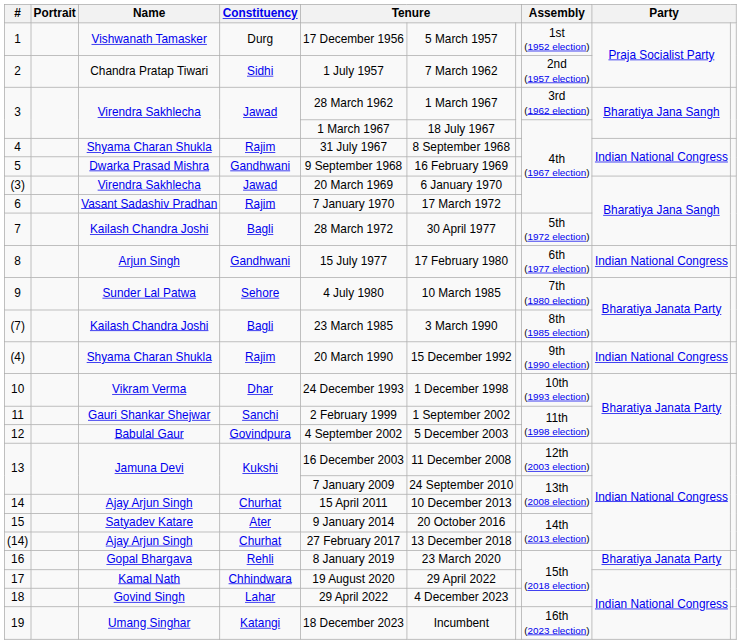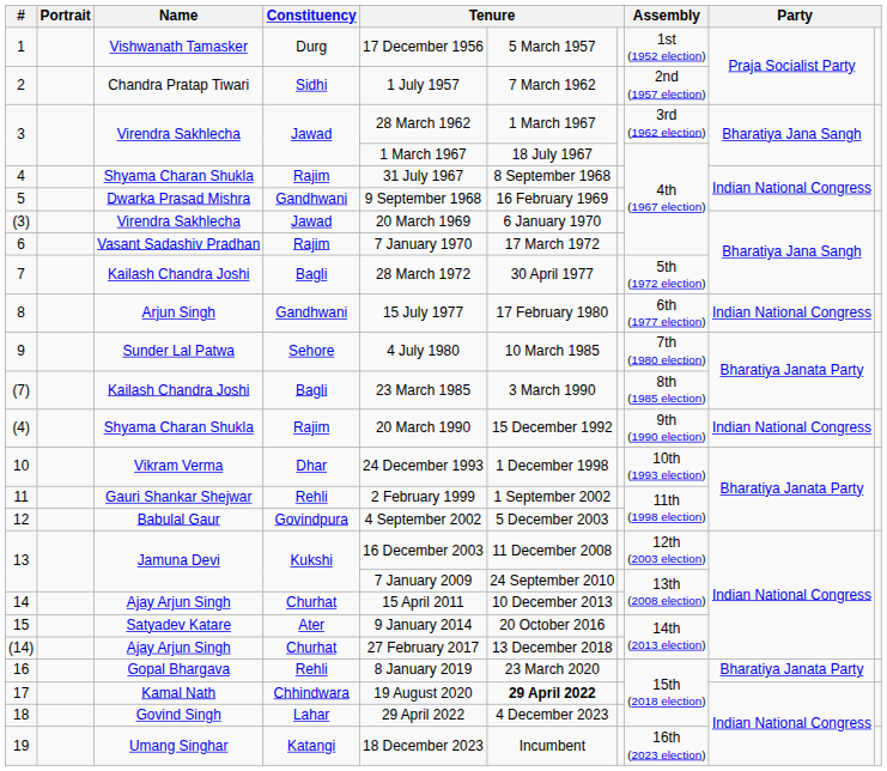 <table class="wikitable">
 <tr>
 <th>#</th>
 <th>Portrait</th>
 <th>Name</th>
 <th><a href='#'>Constituency</a></th>
 <th colspan="3">Tenure</th>
 <th>Assembly</th>
 <th colspan="2" scope="col">Party</th>
 </tr>
 <tr style="text-align:center;">
 <td>1</td>
 <td></td>
 <td><a href='#'>Vishwanath Tamasker</a></td>
 <td>Durg</td>
 <td>17 December 1956</td>
 <td>5 March 1957</td>
 <td></td>
 <td>1st<br><small>(<a href='#'>1952 election</a>)</small></td>
 <td rowspan="2"><a href='#'>Praja Socialist Party</a></td>
 <td rowspan="2" style="background-color: "></td>
 </tr>
 <tr style="text-align:center;">
 <td>2</td>
 <td></td>
 <td>Chandra Pratap Tiwari</td>
 <td><a href='#'>Sidhi</a></td>
 <td>1 July 1957</td>
 <td>7 March 1962</td>
 <td></td>
 <td>2nd<br><small>(<a href='#'>1957 election</a>)</small></td>
 </tr>
 <tr style="text-align:center;">
 <td rowspan="2">3</td>
 <td rowspan="2"></td>
 <td rowspan="2"><a href='#'>Virendra Sakhlecha</a></td>
 <td rowspan="2"><a href='#'>Jawad</a></td>
 <td>28 March 1962</td>
 <td>1 March 1967</td>
 <td rowspan="2"></td>
 <td>3rd<br><small>(<a href='#'>1962 election</a>)</small></td>
 <td rowspan="2"><a href='#'>Bharatiya Jana Sangh</a></td>
 <td rowspan="2" style="background-color: "></td>
 </tr>
 <tr style="text-align:center;">
 <td>1 March 1967</td>
 <td>18 July 1967</td>
 <td rowspan="5">4th<br><small>(<a href='#'>1967 election</a>)</small></td>
 </tr>
 <tr style="text-align:center;">
 <td>4</td>
 <td></td>
 <td><a href='#'>Shyama Charan Shukla</a></td>
 <td><a href='#'>Rajim</a></td>
 <td>31 July 1967</td>
 <td>8 September 1968</td>
 <td></td>
 <td rowspan="2"><a href='#'>Indian National Congress</a></td>
 <td rowspan="2" style="background-color: "></td>
 </tr>
 <tr style="text-align:center;">
 <td>5</td>
 <td></td>
 <td><a href='#'>Dwarka Prasad Mishra</a></td>
 <td><a href='#'>Gandhwani</a></td>
 <td>9 September 1968</td>
 <td>16 February 1969</td>
 <td></td>
 </tr>
 <tr style="text-align:center;">
 <td>(3)</td>
 <td></td>
 <td><a href='#'>Virendra Sakhlecha</a></td>
 <td><a href='#'>Jawad</a></td>
 <td>20 March 1969</td>
 <td>6 January 1970</td>
 <td></td>
 <td rowspan="3"><a href='#'>Bharatiya Jana Sangh</a></td>
 <td rowspan="3" style="background-color: "></td>
 </tr>
 <tr style="text-align:center;">
 <td>6</td>
 <td></td>
 <td><a href='#'>Vasant Sadashiv Pradhan</a></td>
 <td><a href='#'>Rajim</a></td>
 <td>7 January 1970</td>
 <td>17 March 1972</td>
 <td></td>
 </tr>
 <tr style="text-align:center;">
 <td>7</td>
 <td></td>
 <td><a href='#'>Kailash Chandra Joshi</a></td>
 <td><a href='#'>Bagli</a></td>
 <td>28 March 1972</td>
 <td>30 April 1977</td>
 <td></td>
 <td>5th<br><small>(<a href='#'>1972 election</a>)</small></td>
 </tr>
 <tr style="text-align:center;">
 <td>8</td>
 <td></td>
 <td><a href='#'>Arjun Singh</a></td>
 <td><a href='#'>Gandhwani</a></td>
 <td>15 July 1977</td>
 <td>17 February 1980</td>
 <td></td>
 <td>6th<br><small>(<a href='#'>1977 election</a>)</small></td>
 <td><a href='#'>Indian National Congress</a></td>
 <td style="background-color: "></td>
 </tr>
 <tr style="text-align:center;">
 <td>9</td>
 <td></td>
 <td><a href='#'>Sunder Lal Patwa</a></td>
 <td><a href='#'>Sehore</a></td>
 <td>4 July 1980</td>
 <td>10 March 1985</td>
 <td></td>
 <td>7th<br><small>(<a href='#'>1980 election</a>)</small></td>
 <td rowspan="2"><a href='#'>Bharatiya Janata Party</a></td>
 <td rowspan="2" style="background-color: "></td>
 </tr>
 <tr style="text-align:center;">
 <td>(7)</td>
 <td></td>
 <td><a href='#'>Kailash Chandra Joshi</a></td>
 <td><a href='#'>Bagli</a></td>
 <td>23 March 1985</td>
 <td>3 March 1990</td>
 <td></td>
 <td>8th<br><small>(<a href='#'>1985 election</a>)</small></td>
 </tr>
 <tr style="text-align:center;">
 <td>(4)</td>
 <td></td>
 <td><a href='#'>Shyama Charan Shukla</a></td>
 <td><a href='#'>Rajim</a></td>
 <td>20 March 1990</td>
 <td>15 December 1992</td>
 <td></td>
 <td>9th<br><small>(<a href='#'>1990 election</a>)</small></td>
 <td><a href='#'>Indian National Congress</a></td>
 <td style="background-color: "></td>
 </tr>
 <tr style="text-align:center;">
 <td>10</td>
 <td></td>
 <td><a href='#'>Vikram Verma</a></td>
 <td><a href='#'>Dhar</a></td>
 <td>24 December 1993</td>
 <td>1 December 1998</td>
 <td></td>
 <td>10th<br><small>(<a href='#'>1993 election</a>)</small></td>
 <td rowspan="3"><a href='#'>Bharatiya Janata Party</a></td>
 <td rowspan="3" style="background-color: "></td>
 </tr>
 <tr style="text-align:center;">
 <td>11</td>
 <td></td>
 <td><a href='#'>Gauri Shankar Shejwar</a></td>
-<td><a href='#'>Sanchi</a></td>
+<td><a href='#'>Rehli</a></td>
 <td>2 February 1999</td>
 <td>1 September 2002</td>
 <td></td>
 <td rowspan="2">11th<br><small>(<a href='#'>1998 election</a>)</small></td>
 </tr>
 <tr style="text-align:center;">
 <td>12</td>
 <td></td>
 <td><a href='#'>Babulal Gaur</a></td>
 <td><a href='#'>Govindpura</a></td>
 <td>4 September 2002</td>
 <td>5 December 2003</td>
 <td></td>
 </tr>
 <tr style="text-align:center;">
 <td rowspan="2">13</td>
 <td rowspan="2"></td>
 <td rowspan="2"><a href='#'>Jamuna Devi</a></td>
 <td rowspan="2"><a href='#'>Kukshi</a></td>
 <td>16 December 2003</td>
 <td>11 December 2008</td>
 <td></td>
 <td>12th<br><small>(<a href='#'>2003 election</a>)</small></td>
 <td rowspan="5"><a href='#'>Indian National Congress</a></td>
 <td rowspan="5" style="background-color: "></td>
 </tr>
 <tr style="text-align:center;">
 <td>7 January 2009</td>
 <td>24 September 2010</td>
 <td></td>
 <td rowspan="2">13th<br><small>(<a href='#'>2008 election</a>)</small></td>
 </tr>
 <tr style="text-align:center;">
 <td>14</td>
 <td></td>
 <td><a href='#'>Ajay Arjun Singh</a></td>
 <td><a href='#'>Churhat</a></td>
 <td>15 April 2011</td>
 <td>10 December 2013</td>
 <td></td>
 </tr>
 <tr style="text-align:center;">
 <td>15</td>
 <td></td>
 <td><a href='#'>Satyadev Katare</a></td>
 <td><a href='#'>Ater</a></td>
 <td>9 January 2014</td>
 <td>20 October 2016</td>
 <td></td>
 <td rowspan="2">14th<br><small>(<a href='#'>2013 election</a>)</small></td>
 </tr>
 <tr style="text-align:center;">
 <td>(14)</td>
 <td></td>
 <td><a href='#'>Ajay Arjun Singh</a></td>
 <td><a href='#'>Churhat</a></td>
 <td>27 February 2017</td>
 <td>13 December 2018</td>
 <td></td>
 </tr>
 <tr style="text-align:center;">
 <td>16</td>
 <td></td>
 <td><a href='#'>Gopal Bhargava</a></td>
 <td><a href='#'>Rehli</a></td>
 <td>8 January 2019</td>
 <td>23 March 2020</td>
 <td></td>
 <td rowspan="3">15th<br><small>(<a href='#'>2018 election</a>)</small></td>
 <td><a href='#'>Bharatiya Janata Party</a></td>
 <td style="background-color: "></td>
 </tr>
 <tr style="text-align:center;">
 <td>17</td>
 <td></td>
 <td><a href='#'>Kamal Nath</a></td>
 <td><a href='#'>Chhindwara</a></td>
 <td>19 August 2020</td>
-<td>29 April 2022</td>
+<td><strong>29 April 2022</strong></td>
 <td></td>
 <td rowspan="3"><a href='#'>Indian National Congress</a></td>
 <td rowspan="2" style="background-color: "></td>
 </tr>
 <tr style="text-align:center;">
 <td>18</td>
 <td></td>
 <td><a href='#'>Govind Singh</a></td>
 <td><a href='#'>Lahar</a></td>
 <td>29 April 2022</td>
 <td>4 December 2023</td>
 <td></td>
 </tr>
 <tr style="text-align:center;">
 <td>19</td>
 <td></td>
 <td><a href='#'>Umang Singhar</a></td>
 <td><a href='#'>Katangi</a></td>
 <td>18 December 2023</td>
 <td>Incumbent</td>
 <td></td>
 <td rowspan="1">16th<br><small>(<a href='#'>2023 election</a>)</small></td>
 <td style="background-color: "></td>
 </tr>
 </table>
